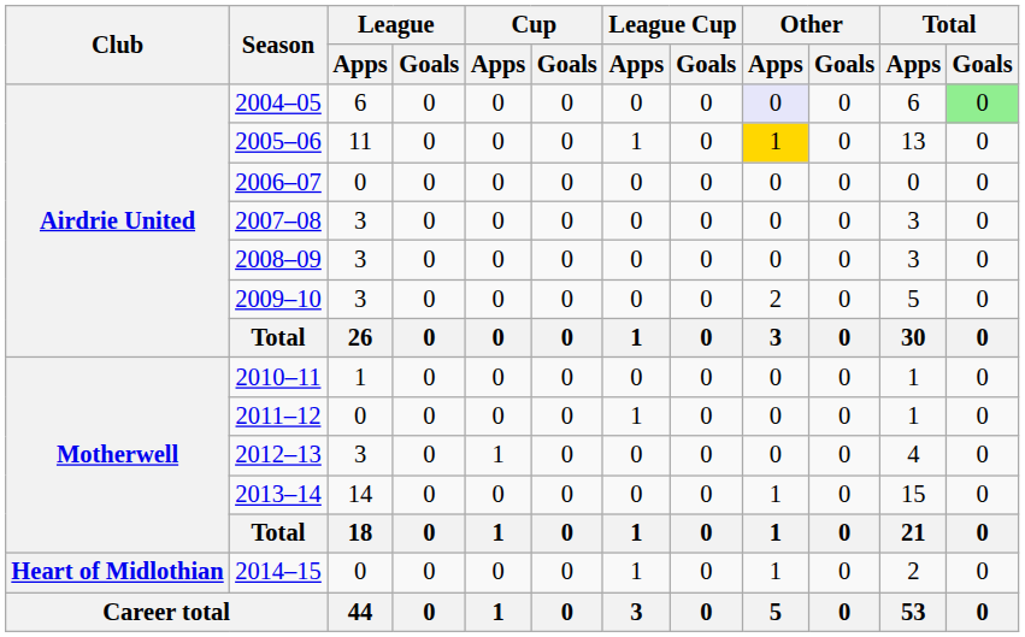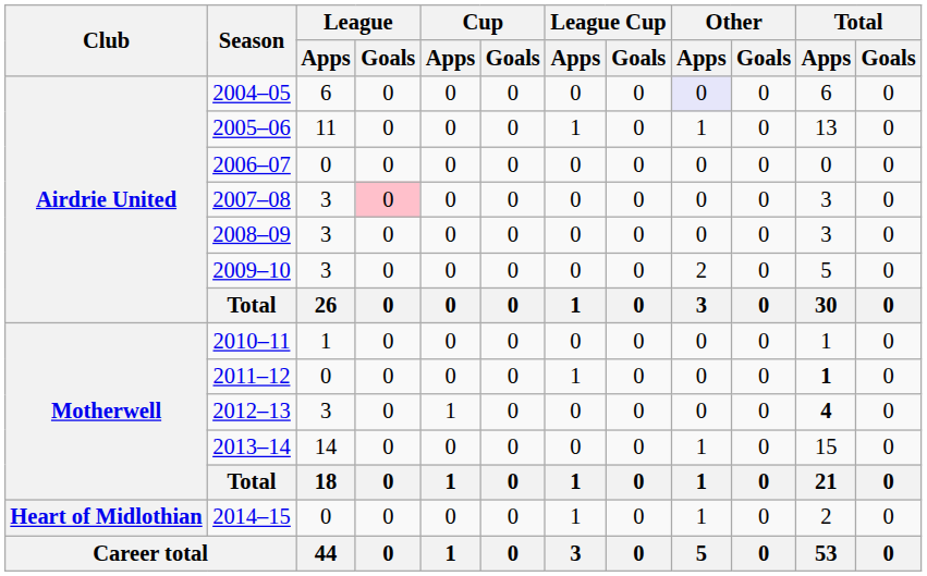 <table class="wikitable" border="1">
 <tr>
 <th rowspan=2>Club</th>
 <th rowspan=2>Season</th>
 <th colspan=2>League</th>
 <th colspan=2>Cup</th>
 <th colspan=2>League Cup</th>
 <th colspan=2>Other</th>
 <th colspan=2>Total</th>
 </tr>
 <tr>
 <th>Apps</th>
 <th>Goals</th>
 <th>Apps</th>
 <th>Goals</th>
 <th>Apps</th>
 <th>Goals</th>
 <th>Apps</th>
 <th>Goals</th>
 <th>Apps</th>
 <th>Goals</th>
 </tr>
 <tr align=center>
 <th rowspan=7><a href='#'>Airdrie United</a></th>
 <td><a href='#'>2004–05</a></td>
 <td>6</td>
 <td>0</td>
 <td>0</td>
 <td>0</td>
 <td>0</td>
 <td>0</td>
 <td style="background: lavender;">0</td>
 <td>0</td>
 <td>6</td>
-<td style="background: lightgreen;">0</td>
+<td>0</td>
 </tr>
 <tr align=center>
 <td><a href='#'>2005–06</a></td>
 <td>11</td>
 <td>0</td>
 <td>0</td>
 <td>0</td>
 <td>1</td>
 <td>0</td>
-<td style="background: gold;">1</td>
+<td>1</td>
 <td>0</td>
 <td>13</td>
 <td>0</td>
 </tr>
 <tr align=center>
 <td><a href='#'>2006–07</a></td>
 <td>0</td>
 <td>0</td>
 <td>0</td>
 <td>0</td>
 <td>0</td>
 <td>0</td>
 <td>0</td>
 <td>0</td>
 <td>0</td>
 <td>0</td>
 </tr>
 <tr align=center>
 <td><a href='#'>2007–08</a></td>
 <td>3</td>
-<td>0</td>
+<td style="background: pink;">0</td>
 <td>0</td>
 <td>0</td>
 <td>0</td>
 <td>0</td>
 <td>0</td>
 <td>0</td>
 <td>3</td>
 <td>0</td>
 </tr>
 <tr align=center>
 <td><a href='#'>2008–09</a></td>
 <td>3</td>
 <td>0</td>
 <td>0</td>
 <td>0</td>
 <td>0</td>
 <td>0</td>
 <td>0</td>
 <td>0</td>
 <td>3</td>
 <td>0</td>
 </tr>
 <tr align=center>
 <td><a href='#'>2009–10</a></td>
 <td>3</td>
 <td>0</td>
 <td>0</td>
 <td>0</td>
 <td>0</td>
 <td>0</td>
 <td>2</td>
 <td>0</td>
 <td>5</td>
 <td>0</td>
 </tr>
 <tr align=center>
 <th colspan="1">Total</th>
 <th>26</th>
 <th>0</th>
 <th>0</th>
 <th>0</th>
 <th>1</th>
 <th>0</th>
 <th>3</th>
 <th>0</th>
 <th>30</th>
 <th>0</th>
 </tr>
 <tr align=center>
 <th rowspan=5><a href='#'>Motherwell</a></th>
 <td><a href='#'>2010–11</a></td>
 <td>1</td>
 <td>0</td>
 <td>0</td>
 <td>0</td>
 <td>0</td>
 <td>0</td>
 <td>0</td>
 <td>0</td>
 <td>1</td>
 <td>0</td>
 </tr>
 <tr align=center>
 <td><a href='#'>2011–12</a></td>
 <td>0</td>
 <td>0</td>
 <td>0</td>
 <td>0</td>
 <td>1</td>
 <td>0</td>
 <td>0</td>
 <td>0</td>
-<td>1</td>
+<td><strong>1</strong></td>
 <td>0</td>
 </tr>
 <tr align=center>
 <td><a href='#'>2012–13</a></td>
 <td>3</td>
 <td>0</td>
 <td>1</td>
 <td>0</td>
 <td>0</td>
 <td>0</td>
 <td>0</td>
 <td>0</td>
-<td>4</td>
+<td><strong>4</strong></td>
 <td>0</td>
 </tr>
 <tr align=center>
 <td><a href='#'>2013–14</a></td>
 <td>14</td>
 <td>0</td>
 <td>0</td>
 <td>0</td>
 <td>0</td>
 <td>0</td>
 <td>1</td>
 <td>0</td>
 <td>15</td>
 <td>0</td>
 </tr>
 <tr align=center>
 <th colspan="1">Total</th>
 <th>18</th>
 <th>0</th>
 <th>1</th>
 <th>0</th>
 <th>1</th>
 <th>0</th>
 <th>1</th>
 <th>0</th>
 <th>21</th>
 <th>0</th>
 </tr>
 <tr align=center>
 <th rowspan=1><a href='#'>Heart of Midlothian</a></th>
 <td><a href='#'>2014–15</a></td>
 <td>0</td>
 <td>0</td>
 <td>0</td>
 <td>0</td>
 <td>1</td>
 <td>0</td>
 <td>1</td>
 <td>0</td>
 <td>2</td>
 <td>0</td>
 </tr>
 <tr>
 <th colspan="2">Career total</th>
 <th>44</th>
 <th>0</th>
 <th>1</th>
 <th>0</th>
 <th>3</th>
 <th>0</th>
 <th>5</th>
 <th>0</th>
 <th>53</th>
 <th>0</th>
 </tr>
 </table>
